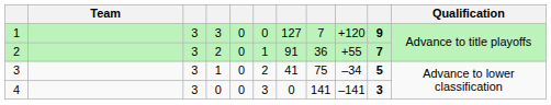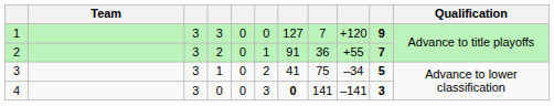 <table class="wikitable" style="text-align:center;">
 <tr>
 <th style="width:1.5em;"></th>
 <th style="width:12.5em">Team</th>
 <th style="width:1.5em;"></th>
 <th style="width:1.5em;"></th>
 <th style="width:1.5em;"></th>
 <th style="width:1.5em;"></th>
 <th style="width:2.0em;"></th>
 <th style="width:2.0em;"></th>
 <th style="width:2.0em;"></th>
 <th style="width:1.5em;"></th>
 <th style="width:12.5em">Qualification</th>
 </tr>
 <tr bgcolor=#bbf3bb>
 <td>1</td>
 <td align=left></td>
 <td>3</td>
 <td>3</td>
 <td>0</td>
 <td>0</td>
 <td>127</td>
 <td>7</td>
 <td>+120</td>
 <td><strong>9</strong></td>
 <td rowspan="2">Advance to title playoffs</td>
 </tr>
 <tr bgcolor=#bbf3bb>
 <td>2</td>
 <td align=left></td>
 <td>3</td>
 <td>2</td>
 <td>0</td>
 <td>1</td>
 <td>91</td>
 <td>36</td>
 <td>+55</td>
 <td><strong>7</strong></td>
 </tr>
 <tr>
 <td>3</td>
 <td align=left></td>
 <td>3</td>
 <td>1</td>
 <td>0</td>
 <td>2</td>
 <td>41</td>
 <td>75</td>
 <td>–34</td>
 <td><strong>5</strong></td>
 <td rowspan="2">Advance to lower classification</td>
 </tr>
 <tr>
 <td>4</td>
 <td align=left></td>
 <td>3</td>
 <td>0</td>
 <td>0</td>
 <td>3</td>
-<td>0</td>
+<td><strong>0</strong></td>
 <td>141</td>
 <td>–141</td>
 <td><strong>3</strong></td>
 </tr>
 </table>
